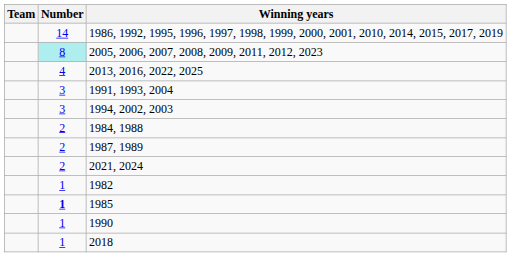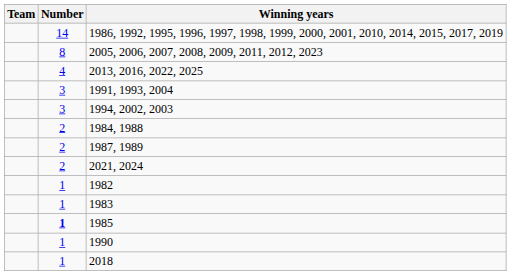 <table class="wikitable sortable" style="text-align:center">
 <tr>
 <th>Team</th>
 <th>Number</th>
 <th>Winning years</th>
 </tr>
 <tr>
 <td style=><strong><a href='#'></a></strong></td>
 <td><a href='#'>14</a></td>
 <td align=left>1986, 1992, 1995, 1996, 1997, 1998, 1999, 2000, 2001, 2010, 2014, 2015, 2017, 2019</td>
 </tr>
 <tr>
 <td style=><strong><a href='#'></a></strong></td>
-<td style="background: paleturquoise;"><a href='#'>8</a></td>
+<td><a href='#'>8</a></td>
 <td align=left>2005, 2006, 2007, 2008, 2009, 2011, 2012, 2023</td>
 </tr>
 <tr>
 <td style=><strong></strong></td>
 <td><a href='#'>4</a></td>
 <td align=left>2013, 2016, 2022, 2025</td>
 </tr>
 <tr>
 <td style=><strong><a href='#'></a></strong></td>
 <td><a href='#'>3</a></td>
 <td align=left>1991, 1993, 2004</td>
 </tr>
 <tr>
 <td style=><strong></strong></td>
 <td><a href='#'>3</a></td>
 <td align=left>1994, 2002, 2003</td>
 </tr>
 <tr>
 <td style=><strong><a href='#'></a></strong></td>
 <td><a href='#'>2</a></td>
 <td align=left>1984, 1988</td>
 </tr>
 <tr>
 <td style=><strong><a href='#'></a></strong></td>
 <td><a href='#'>2</a></td>
 <td align=left>1987, 1989</td>
 </tr>
 <tr>
 <td><strong></strong></td>
 <td><a href='#'>2</a></td>
 <td align="left">2021, 2024</td>
 </tr>
 <tr>
 <td style=><strong><a href='#'></a></strong></td>
 <td><a href='#'>1</a></td>
 <td align=left>1982</td>
 </tr>
 <tr>
 <td style=><strong></strong></td>
+<td><a href='#'>1</a></td>
+<td align=left>1983</td>
+</tr>
+<tr>
+<td style=><strong></strong></td>
 <td><strong><a href='#'>1</a></strong></td>
 <td align=left>1985</td>
 </tr>
 <tr>
 <td style=><strong><a href='#'></a></strong></td>
 <td><a href='#'>1</a></td>
 <td align=left>1990</td>
 </tr>
 <tr>
 <td style=><strong></strong></td>
 <td><a href='#'>1</a></td>
 <td align=left>2018</td>
 </tr>
 </table>
